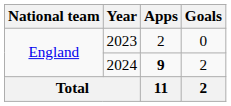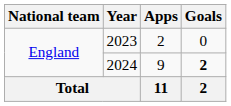 <table class="wikitable" style="text-align: center;">
 <tr>
 <th>National team</th>
 <th>Year</th>
 <th>Apps</th>
 <th>Goals</th>
 </tr>
 <tr>
 <td rowspan="2"><a href='#'>England</a></td>
 <td>2023</td>
 <td>2</td>
 <td>0</td>
 </tr>
 <tr>
 <td>2024</td>
-<td><strong>9</strong></td>
-<td>2</td>
+<td>9</td>
+<td><strong>2</strong></td>
 </tr>
 <tr>
 <th colspan="2">Total</th>
 <th>11</th>
 <th>2</th>
 </tr>
 </table>
